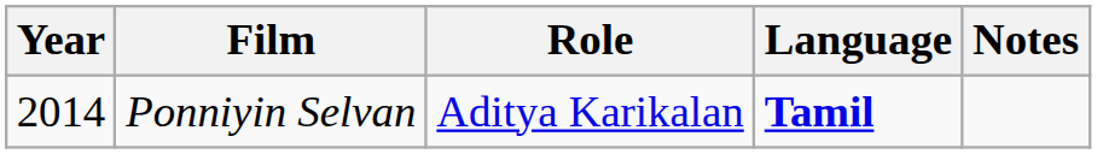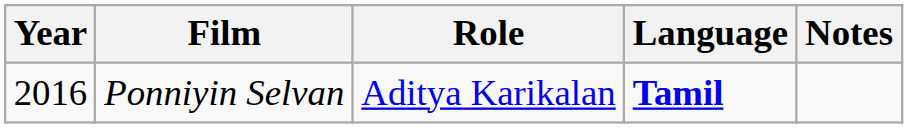 <table class="wikitable ">
 <tr>
 <th>Year</th>
 <th>Film</th>
 <th>Role</th>
 <th>Language</th>
 <th>Notes</th>
 </tr>
 <tr>
-<td>2014</td>
+<td>2016</td>
 <td><em>Ponniyin Selvan</em></td>
 <td><a href='#'>Aditya Karikalan</a></td>
 <td><strong><a href='#'>Tamil</a></strong></td>
 <td></td>
 </tr>
 </table>
